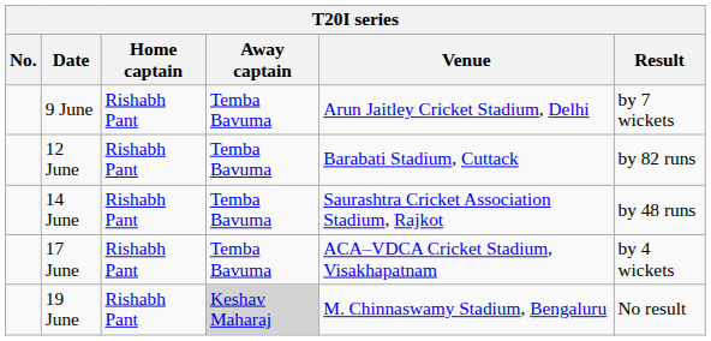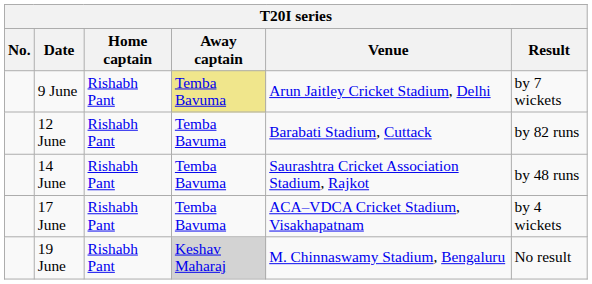 <table class="wikitable">
 <tr>
 <th colspan="9">T20I series</th>
 </tr>
 <tr>
 <th>No.</th>
 <th>Date</th>
 <th>Home captain</th>
 <th>Away captain</th>
 <th>Venue</th>
 <th>Result</th>
 </tr>
 <tr>
 <td></td>
 <td>9 June</td>
 <td><a href='#'>Rishabh Pant</a></td>
-<td><a href='#'>Temba Bavuma</a></td>
+<td style="background: khaki;"><a href='#'>Temba Bavuma</a></td>
 <td><a href='#'>Arun Jaitley Cricket Stadium</a>, <a href='#'>Delhi</a></td>
 <td> by 7 wickets</td>
 </tr>
 <tr>
 <td></td>
 <td>12 June</td>
 <td><a href='#'>Rishabh Pant</a></td>
 <td><a href='#'>Temba Bavuma</a></td>
 <td><a href='#'>Barabati Stadium</a>, <a href='#'>Cuttack</a></td>
 <td> by 82 runs</td>
 </tr>
 <tr>
 <td></td>
 <td>14 June</td>
 <td><a href='#'>Rishabh Pant</a></td>
 <td><a href='#'>Temba Bavuma</a></td>
 <td><a href='#'>Saurashtra Cricket Association Stadium</a>, <a href='#'>Rajkot</a></td>
 <td> by 48 runs</td>
 </tr>
 <tr>
 <td></td>
 <td>17 June</td>
 <td><a href='#'>Rishabh Pant</a></td>
 <td><a href='#'>Temba Bavuma</a></td>
 <td><a href='#'>ACA–VDCA Cricket Stadium</a>, <a href='#'>Visakhapatnam</a></td>
 <td> by 4 wickets</td>
 </tr>
 <tr>
 <td></td>
 <td>19 June</td>
 <td><a href='#'>Rishabh Pant</a></td>
 <td style="background: lightgrey;"><a href='#'>Keshav Maharaj</a></td>
 <td><a href='#'>M. Chinnaswamy Stadium</a>, <a href='#'>Bengaluru</a></td>
 <td>No result</td>
 </tr>
 </table>
